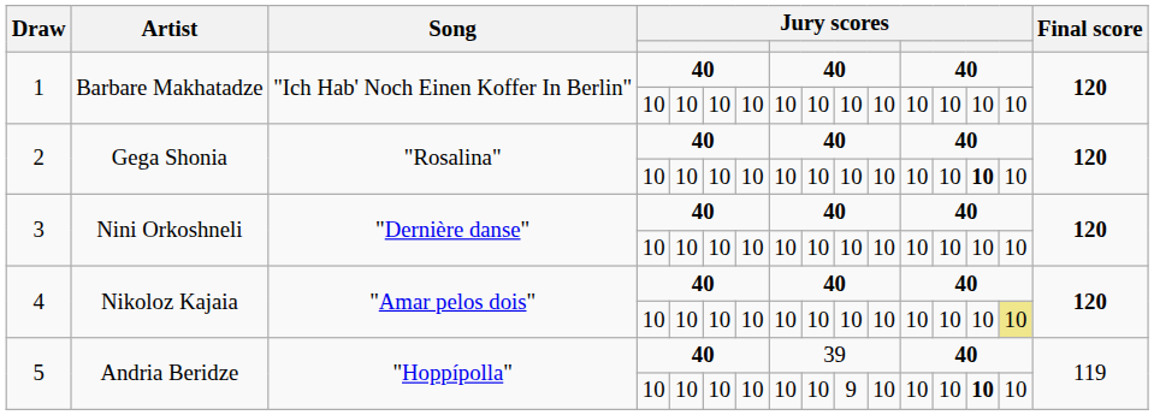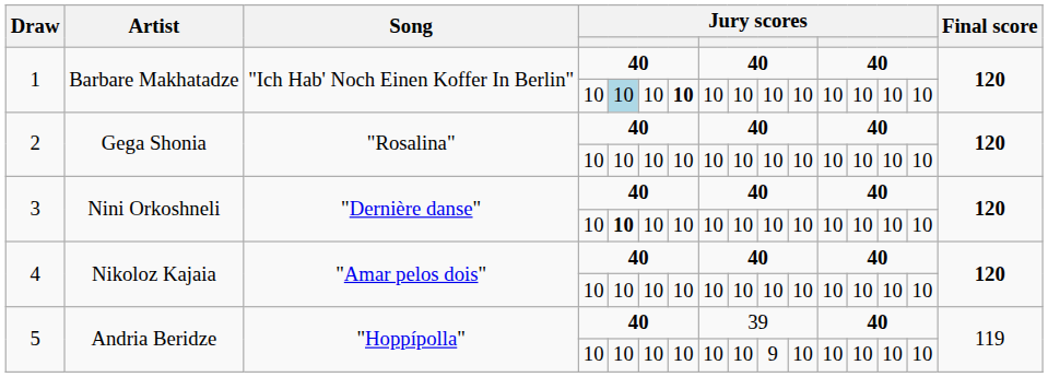 <table class="sortable wikitable" style="text-align:center;margin:1em auto 1em auto">
 <tr>
 <th rowspan="2" scope="col">Draw</th>
 <th rowspan="2" scope="col">Artist</th>
 <th rowspan="2" scope="col">Song</th>
 <th colspan="12" scope="col">Jury scores</th>
 <th rowspan="2" scope="col">Final score</th>
 </tr>
 <tr>
 <th colspan="4" scope="col" class="unsortable"><small></small></th>
 <th colspan="4" scope="col" class="unsortable"><small></small></th>
 <th colspan="4" scope="col" class="unsortable"><small></small></th>
 </tr>
 <tr>
 <td rowspan="2">1</td>
 <td rowspan="2">Barbare Makhatadze</td>
 <td rowspan="2">"Ich Hab' Noch Einen Koffer In Berlin"<br></td>
 <td colspan="4"><strong>40</strong></td>
 <td colspan="4"><strong>40</strong></td>
 <td colspan="4"><strong>40</strong></td>
 <td rowspan="2"><strong>120</strong></td>
 </tr>
 <tr>
 <td>10</td>
+<td style="background: lightblue;">10</td>
 <td>10</td>
-<td>10</td>
-<td>10</td>
+<td><strong>10</strong></td>
 <td>10</td>
 <td>10</td>
 <td>10</td>
 <td>10</td>
 <td>10</td>
 <td>10</td>
 <td>10</td>
 <td>10</td>
 </tr>
 <tr>
 <td rowspan="2">2</td>
 <td rowspan="2">Gega Shonia</td>
 <td rowspan="2">"Rosalina"<br></td>
 <td colspan="4"><strong>40</strong></td>
 <td colspan="4"><strong>40</strong></td>
 <td colspan="4"><strong>40</strong></td>
 <td rowspan="2"><strong>120</strong></td>
 </tr>
 <tr>
 <td>10</td>
 <td>10</td>
 <td>10</td>
 <td>10</td>
 <td>10</td>
 <td>10</td>
 <td>10</td>
 <td>10</td>
 <td>10</td>
 <td>10</td>
-<td><strong>10</strong></td>
+<td>10</td>
 <td>10</td>
 </tr>
 <tr>
 <td rowspan="2">3</td>
 <td rowspan="2">Nini Orkoshneli</td>
 <td rowspan="2">"<a href='#'>Dernière danse</a>"<br></td>
 <td colspan="4"><strong>40</strong></td>
 <td colspan="4"><strong>40</strong></td>
 <td colspan="4"><strong>40</strong></td>
 <td rowspan="2"><strong>120</strong></td>
 </tr>
 <tr>
 <td>10</td>
-<td>10</td>
+<td><strong>10</strong></td>
 <td>10</td>
 <td>10</td>
 <td>10</td>
 <td>10</td>
 <td>10</td>
 <td>10</td>
 <td>10</td>
 <td>10</td>
 <td>10</td>
 <td>10</td>
 </tr>
 <tr>
 <td rowspan="2">4</td>
 <td rowspan="2">Nikoloz Kajaia</td>
 <td rowspan="2">"<a href='#'>Amar pelos dois</a>"<br></td>
 <td colspan="4"><strong>40</strong></td>
 <td colspan="4"><strong>40</strong></td>
 <td colspan="4"><strong>40</strong></td>
 <td rowspan="2"><strong>120</strong></td>
 </tr>
 <tr>
 <td>10</td>
 <td>10</td>
 <td>10</td>
 <td>10</td>
 <td>10</td>
 <td>10</td>
 <td>10</td>
 <td>10</td>
 <td>10</td>
 <td>10</td>
 <td>10</td>
-<td style="background: khaki;">10</td>
+<td>10</td>
 </tr>
 <tr>
 <td rowspan="2">5</td>
 <td rowspan="2">Andria Beridze</td>
 <td rowspan="2">"<a href='#'>Hoppípolla</a>"<br></td>
 <td colspan="4"><strong>40</strong></td>
 <td colspan="4">39</td>
 <td colspan="4"><strong>40</strong></td>
 <td rowspan="2">119</td>
 </tr>
 <tr>
 <td>10</td>
 <td>10</td>
 <td>10</td>
 <td>10</td>
 <td>10</td>
 <td>10</td>
 <td>9</td>
 <td>10</td>
 <td>10</td>
 <td>10</td>
-<td><strong>10</strong></td>
+<td>10</td>
 <td>10</td>
 </tr>
 </table>
